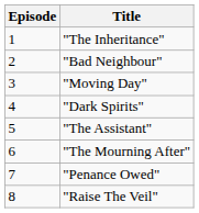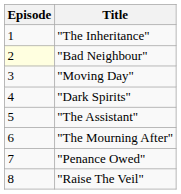 <table class="wikitable sortable">
 <tr>
 <th>Episode</th>
 <th>Title</th>
 </tr>
 <tr>
 <td>1</td>
 <td>"The Inheritance"</td>
 </tr>
 <tr>
-<td>2</td>
+<td style="background: lightyellow;">2</td>
 <td>"Bad Neighbour"</td>
 </tr>
 <tr>
 <td>3</td>
 <td>"Moving Day"</td>
 </tr>
 <tr>
 <td>4</td>
 <td>"Dark Spirits"</td>
 </tr>
 <tr>
 <td>5</td>
 <td>"The Assistant"</td>
 </tr>
 <tr>
 <td>6</td>
 <td>"The Mourning After"</td>
 </tr>
 <tr>
 <td>7</td>
 <td>"Penance Owed"</td>
 </tr>
 <tr>
 <td>8</td>
 <td>"Raise The Veil"</td>
 </tr>
 </table>
